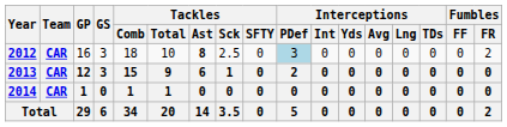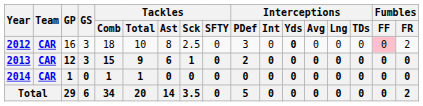 <table class="wikitable" style="text-align: center;">
 <tr>
 <th rowspan="2">Year</th>
 <th rowspan="2">Team</th>
 <th rowspan="2">GP</th>
 <th rowspan="2">GS</th>
 <th colspan="5">Tackles</th>
 <th colspan="6">Interceptions</th>
 <th colspan="2">Fumbles</th>
 </tr>
 <tr>
 <th>Comb</th>
 <th>Total</th>
 <th>Ast</th>
 <th>Sck</th>
 <th>SFTY</th>
 <th>PDef</th>
 <th>Int</th>
 <th>Yds</th>
 <th>Avg</th>
 <th>Lng</th>
 <th>TDs</th>
 <th>FF</th>
 <th>FR</th>
 </tr>
 <tr>
 <th><a href='#'>2012</a></th>
 <th><a href='#'>CAR</a></th>
 <td>16</td>
 <td>3</td>
 <td>18</td>
 <td>10</td>
-<td><strong>8</strong></td>
+<td>8</td>
 <td>2.5</td>
 <td>0</td>
-<td style="background: lightblue;">3</td>
+<td>3</td>
+<td>0</td>
+<td><strong>0</strong></td>
 <td>0</td>
 <td>0</td>
 <td>0</td>
-<td>0</td>
-<td>0</td>
-<td>0</td>
+<td style="background: pink;">0</td>
 <td>2</td>
 </tr>
 <tr>
 <th><a href='#'>2013</a></th>
 <th><a href='#'>CAR</a></th>
 <th>12</th>
 <th>3</th>
 <th>15</th>
 <th><strong>9</strong></th>
 <th>6</th>
 <th>1</th>
 <th>0</th>
 <th>2</th>
 <th>0</th>
 <th>0</th>
 <th>0</th>
 <th>0</th>
 <th>0</th>
 <th>0</th>
 <th>0</th>
 </tr>
 <tr>
 <th><a href='#'>2014</a></th>
 <th><a href='#'>CAR</a></th>
 <th>1</th>
 <th>0</th>
 <th>1</th>
 <th>1</th>
 <th>0</th>
 <th>0</th>
 <th>0</th>
 <th>0</th>
 <th>0</th>
 <th>0</th>
 <th>0</th>
 <th>0</th>
 <th>0</th>
 <th>0</th>
 <th>0</th>
 </tr>
 <tr>
 <th colspan="2">Total</th>
 <th>29</th>
 <th>6</th>
 <th>34</th>
 <th>20</th>
 <th>14</th>
 <th>3.5</th>
 <th>0</th>
 <th>5</th>
 <th>0</th>
 <th>0</th>
 <th>0</th>
 <th>0</th>
 <th>0</th>
 <th>0</th>
 <th>2</th>
 </tr>
 </table>
